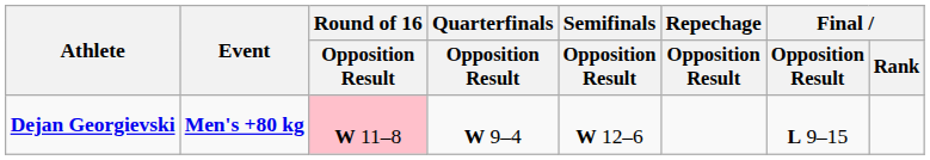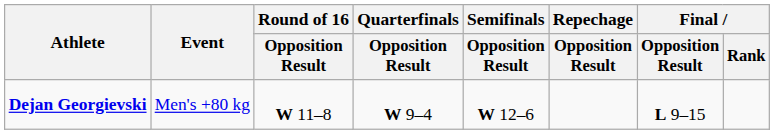 <table class="wikitable" style="font-size:90%;">
 <tr>
 <th rowspan=2>Athlete</th>
 <th rowspan=2>Event</th>
 <th>Round of 16</th>
 <th>Quarterfinals</th>
 <th>Semifinals</th>
 <th>Repechage</th>
 <th colspan=2>Final / </th>
 </tr>
 <tr style="font-size:95%">
 <th>Opposition<br>Result</th>
 <th>Opposition<br>Result</th>
 <th>Opposition<br>Result</th>
 <th>Opposition<br>Result</th>
 <th>Opposition<br>Result</th>
 <th>Rank</th>
 </tr>
 <tr align=center>
 <td align=left><strong><a href='#'>Dejan Georgievski</a></strong></td>
-<td align=left><strong><a href='#'>Men's +80 kg</a></strong></td>
-<td style="background: pink;"><br><strong>W</strong> 11–8</td>
+<td align=left><a href='#'>Men's +80 kg</a></td>
+<td><br><strong>W</strong> 11–8</td>
 <td><br> <strong>W</strong> 9–4</td>
 <td><br> <strong>W</strong> 12–6</td>
 <td></td>
 <td><br> <strong>L</strong> 9–15</td>
 <td></td>
 </tr>
 </table>
